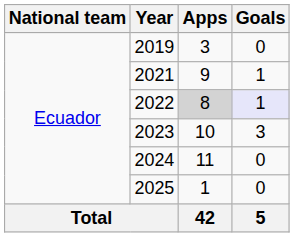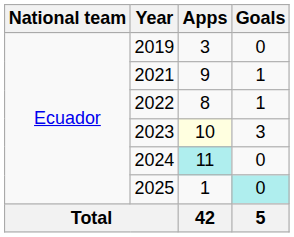 <table class="wikitable" style="text-align:center">
 <tr>
 <th>National team</th>
 <th>Year</th>
 <th>Apps</th>
 <th>Goals</th>
 </tr>
 <tr>
 <td rowspan="6"><a href='#'>Ecuador</a></td>
 <td>2019</td>
 <td>3</td>
 <td>0</td>
 </tr>
 <tr>
 <td>2021</td>
 <td>9</td>
 <td>1</td>
 </tr>
 <tr>
 <td>2022</td>
-<td style="background: lightgrey;">8</td>
-<td style="background: lavender;">1</td>
+<td>8</td>
+<td>1</td>
 </tr>
 <tr>
 <td>2023</td>
-<td>10</td>
+<td style="background: lightyellow;">10</td>
 <td>3</td>
 </tr>
 <tr>
 <td>2024</td>
-<td>11</td>
+<td style="background: paleturquoise;">11</td>
 <td>0</td>
 </tr>
 <tr>
 <td>2025</td>
 <td>1</td>
-<td>0</td>
+<td style="background: paleturquoise;">0</td>
 </tr>
 <tr>
 <th colspan="2">Total</th>
 <th>42</th>
 <th>5</th>
 </tr>
 </table>
